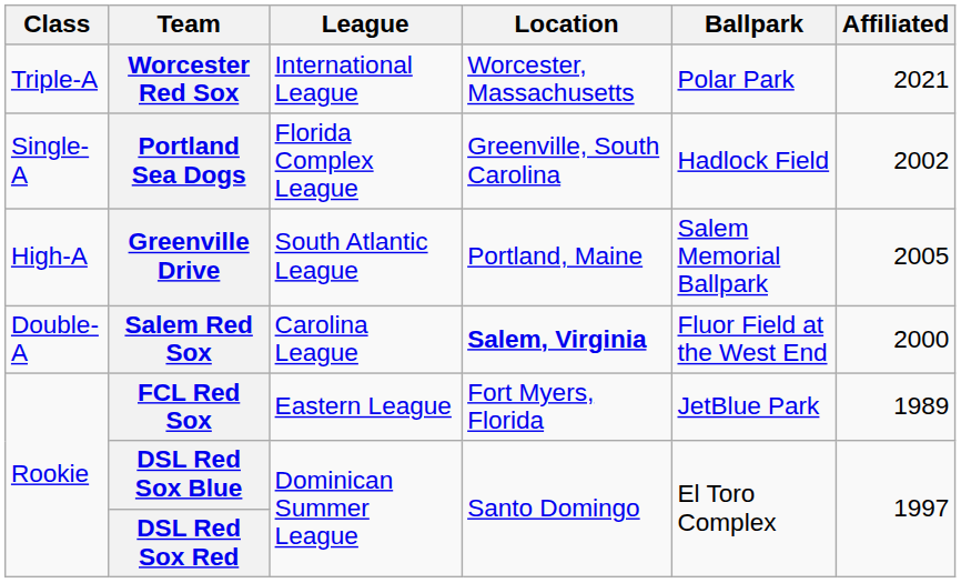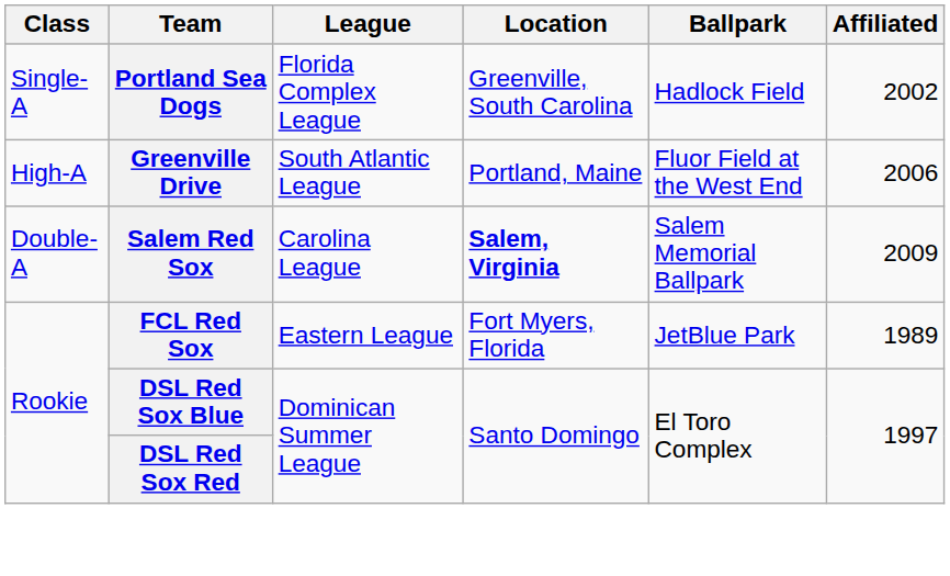 <table class="wikitable plainrowheaders sortable">
 <tr>
 <th scope="col">Class</th>
 <th scope="col">Team</th>
 <th scope="col">League</th>
 <th scope="col">Location</th>
 <th scope="col">Ballpark</th>
 <th scope="col">Affiliated</th>
-</tr>
-<tr>
-<td><a href='#'>Triple-A</a></td>
-<th scope="row"><a href='#'>Worcester Red Sox</a></th>
-<td><a href='#'>International League</a></td>
-<td><a href='#'>Worcester, Massachusetts</a></td>
-<td><a href='#'>Polar Park</a></td>
-<td align="right">2021</td>
 </tr>
 <tr>
 <td><a href='#'>Single-A</a></td>
 <th scope="row"><a href='#'>Portland Sea Dogs</a></th>
 <td><a href='#'>Florida Complex League</a></td>
 <td><a href='#'>Greenville, South Carolina</a></td>
 <td><a href='#'>Hadlock Field</a></td>
 <td align="right">2002</td>
 </tr>
 <tr>
 <td><a href='#'>High-A</a></td>
 <th scope="row"><a href='#'>Greenville Drive</a></th>
 <td><a href='#'>South Atlantic League</a></td>
 <td><a href='#'>Portland, Maine</a></td>
-<td><a href='#'>Salem Memorial Ballpark</a></td>
-<td align="right">2005</td>
+<td><a href='#'>Fluor Field at the West End</a></td>
+<td align="right">2006</td>
 </tr>
 <tr>
 <td><a href='#'>Double-A</a></td>
 <th scope="row"><a href='#'>Salem Red Sox</a></th>
 <td><a href='#'>Carolina League</a></td>
 <td><strong><a href='#'>Salem, Virginia</a></strong></td>
-<td><a href='#'>Fluor Field at the West End</a></td>
-<td align="right">2000</td>
+<td><a href='#'>Salem Memorial Ballpark</a></td>
+<td align="right">2009</td>
 </tr>
 <tr>
 <td rowspan=3><a href='#'>Rookie</a></td>
 <th scope="row"><a href='#'>FCL Red Sox</a></th>
 <td><a href='#'>Eastern League</a></td>
 <td><a href='#'>Fort Myers, Florida</a></td>
 <td><a href='#'>JetBlue Park</a></td>
 <td align="right">1989</td>
 </tr>
 <tr>
 <th scope="row"><a href='#'>DSL Red Sox Blue</a></th>
 <td rowspan=2><a href='#'>Dominican Summer League</a></td>
 <td rowspan=2><a href='#'>Santo Domingo</a></td>
 <td rowspan=2>El Toro Complex</td>
 <td rowspan=2 align="right">1997</td>
 </tr>
 <tr>
 <th scope="row"><a href='#'>DSL Red Sox Red</a></th>
 </tr>
 </table>
